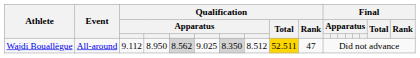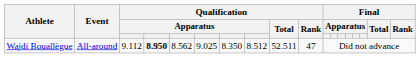 <table class="wikitable" style="font-size:90%">
 <tr>
 <th rowspan=3>Athlete</th>
 <th rowspan=3>Event</th>
 <th colspan =8>Qualification</th>
 <th colspan =8>Final</th>
 </tr>
 <tr style="font-size:95%">
 <th colspan=6>Apparatus</th>
 <th rowspan=2>Total</th>
 <th rowspan=2>Rank</th>
 <th colspan=6>Apparatus</th>
 <th rowspan=2>Total</th>
 <th rowspan=2>Rank</th>
 </tr>
 <tr style="font-size:95%">
 <th></th>
 <th></th>
 <th></th>
 <th></th>
 <th></th>
 <th></th>
 <th></th>
 <th></th>
 <th></th>
 <th></th>
 <th></th>
 <th></th>
 </tr>
 <tr align=center>
 <td align=left><a href='#'>Wajdi Bouallègue</a></td>
 <td align=left><a href='#'>All-around</a></td>
 <td>9.112</td>
-<td>8.950</td>
-<td style="background: lightgrey;">8.562</td>
+<td><strong>8.950</strong></td>
+<td>8.562</td>
 <td>9.025</td>
-<td style="background: lightgrey;">8.350</td>
+<td>8.350</td>
 <td>8.512</td>
-<td style="background: gold;">52.511</td>
+<td>52.511</td>
 <td>47</td>
 <td colspan=8>Did not advance</td>
 </tr>
 </table>
